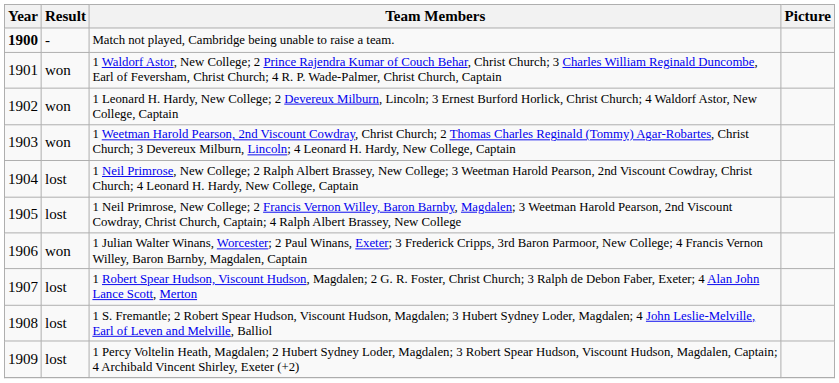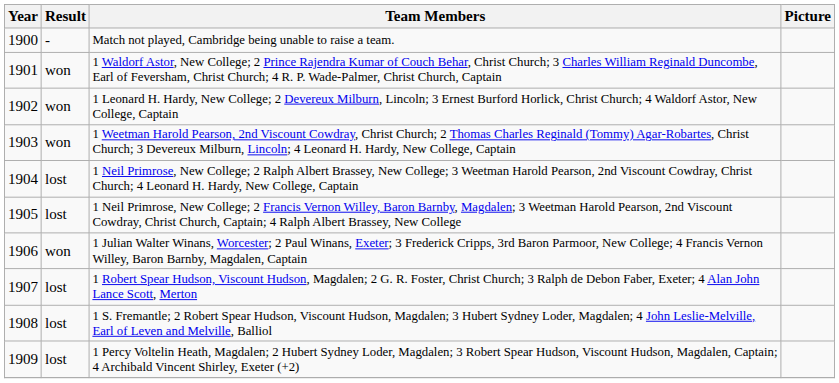 <table class="wikitable" width="100%">
 <tr>
 <th>Year</th>
 <th>Result</th>
 <th>Team Members</th>
 <th>Picture</th>
 </tr>
 <tr>
-<td><strong>1900</strong></td>
+<td>1900</td>
 <td>-</td>
 <td style="font-size:85%">Match not played, Cambridge being unable to raise a team.</td>
 <td></td>
 </tr>
 <tr>
 <td>1901</td>
 <td>won</td>
 <td style="font-size:85%">1 <a href='#'>Waldorf Astor</a>, New College; 2 <a href='#'>Prince Rajendra Kumar of Couch Behar</a>, Christ Church; 3 <a href='#'>Charles William Reginald Duncombe</a>, Earl of Feversham, Christ Church; 4 R. P. Wade-Palmer, Christ Church, Captain</td>
 <td></td>
 </tr>
 <tr>
 <td>1902</td>
 <td>won</td>
 <td style="font-size:85%">1 Leonard H. Hardy, New College; 2 <a href='#'>Devereux Milburn</a>, Lincoln; 3 Ernest Burford Horlick, Christ Church; 4 Waldorf Astor, New College, Captain</td>
 <td></td>
 </tr>
 <tr>
 <td>1903</td>
 <td>won</td>
 <td style="font-size:85%">1 <a href='#'>Weetman Harold Pearson, 2nd Viscount Cowdray</a>, Christ Church; 2 <a href='#'>Thomas Charles Reginald (Tommy) Agar-Robartes</a>, Christ Church; 3 Devereux Milburn, <a href='#'>Lincoln</a>; 4 Leonard H. Hardy, New College, Captain</td>
 <td></td>
 </tr>
 <tr>
 <td>1904</td>
 <td>lost</td>
 <td style="font-size:85%">1 <a href='#'>Neil Primrose</a>, New College; 2 Ralph Albert Brassey, New College; 3 Weetman Harold Pearson, 2nd Viscount Cowdray, Christ Church; 4 Leonard H. Hardy, New College, Captain</td>
 <td></td>
 </tr>
 <tr>
 <td>1905</td>
 <td>lost</td>
 <td style="font-size:85%">1 Neil Primrose, New College; 2 <a href='#'>Francis Vernon Willey, Baron Barnby</a>, <a href='#'>Magdalen</a>; 3 Weetman Harold Pearson, 2nd Viscount Cowdray, Christ Church, Captain; 4 Ralph Albert Brassey, New College</td>
 <td></td>
 </tr>
 <tr>
 <td>1906</td>
 <td>won</td>
 <td style="font-size:85%">1 Julian Walter Winans, <a href='#'>Worcester</a>; 2 Paul Winans, <a href='#'>Exeter</a>; 3 Frederick Cripps, 3rd Baron Parmoor, New College; 4 Francis Vernon Willey, Baron Barnby, Magdalen, Captain</td>
 <td><br>  </td>
 </tr>
 <tr>
 <td>1907</td>
 <td>lost</td>
 <td style="font-size:85%">1 <a href='#'>Robert Spear Hudson, Viscount Hudson</a>, Magdalen; 2 G. R. Foster, Christ Church; 3 Ralph de Debon Faber, Exeter; 4 <a href='#'>Alan John Lance Scott</a>, <a href='#'>Merton</a></td>
 <td></td>
 </tr>
 <tr>
 <td>1908</td>
 <td>lost</td>
 <td style="font-size:85%">1 S. Fremantle; 2 Robert Spear Hudson, Viscount Hudson, Magdalen; 3 Hubert Sydney Loder, Magdalen; 4 <a href='#'>John Leslie-Melville, Earl of Leven and Melville</a>, Balliol</td>
 <td></td>
 </tr>
 <tr>
 <td>1909</td>
 <td>lost</td>
 <td style="font-size:85%">1 Percy Voltelin Heath, Magdalen; 2 Hubert Sydney Loder, Magdalen; 3 Robert Spear Hudson, Viscount Hudson, Magdalen, Captain; 4 Archibald Vincent Shirley, Exeter (+2)</td>
 <td></td>
 </tr>
 <tr>
 </tr>
 </table>
